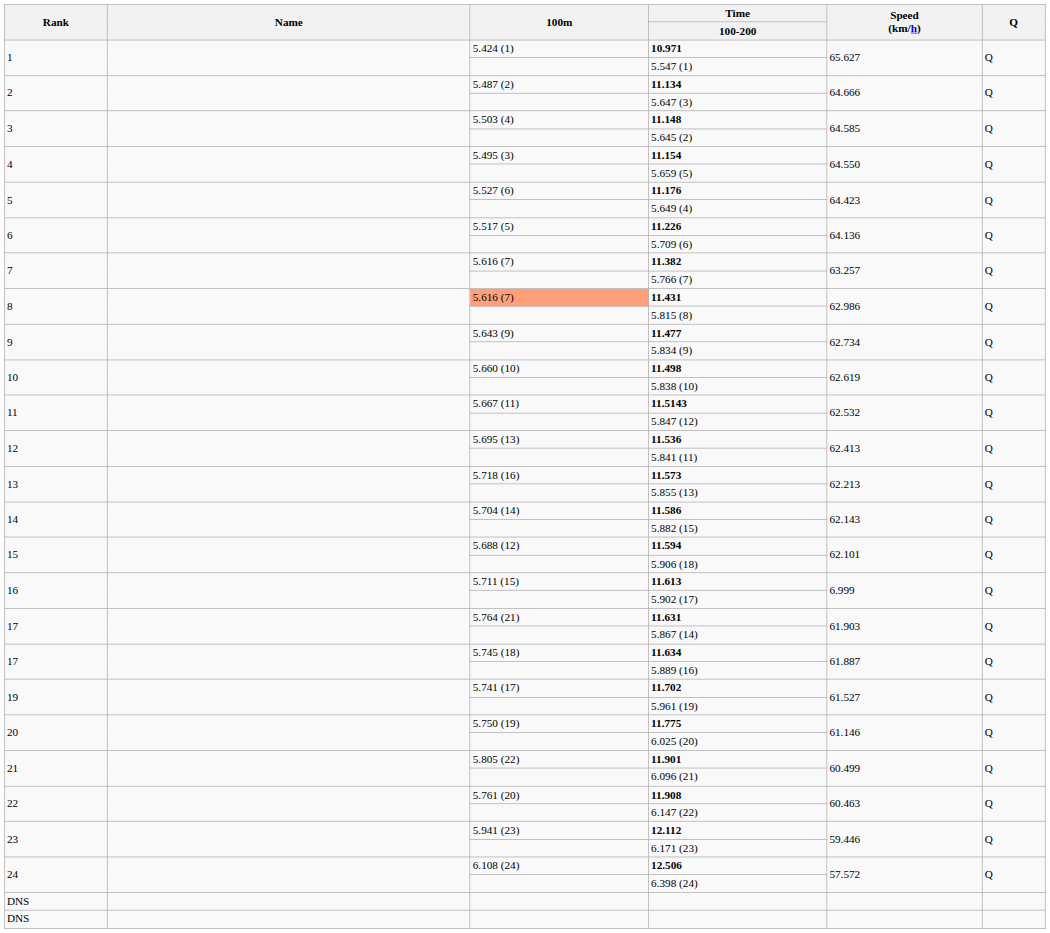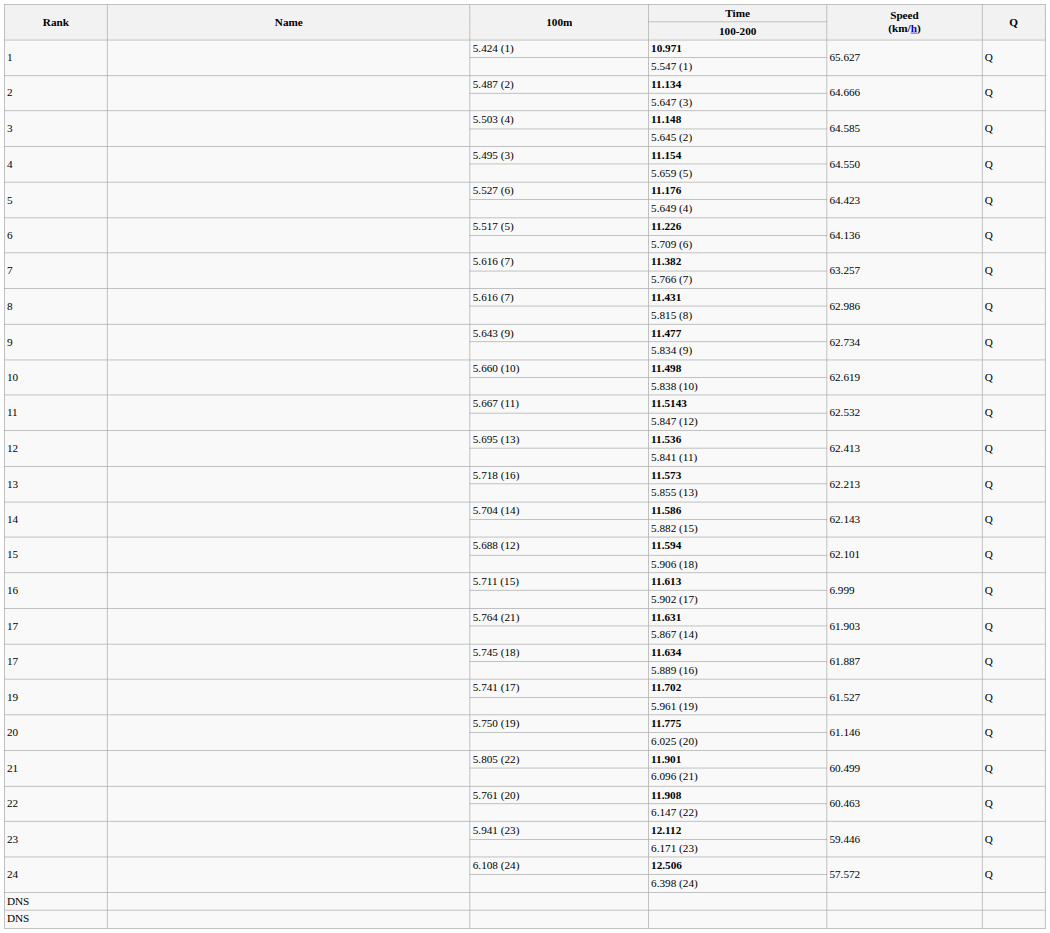 <table class="wikitable" width=75%>
 <tr>
 <th rowspan=2 width=20>Rank</th>
 <th rowspan=2 width=150>Name</th>
 <th rowspan=2 width=70>100m</th>
 <th width=70>Time</th>
 <th rowspan=2 width=60>Speed<br>(km/<a href='#'>h</a>)</th>
 <th width=20 rowspan=2>Q</th>
 </tr>
 <tr>
 <th>100-200</th>
 </tr>
 <tr>
 <td rowspan=2>1</td>
 <td rowspan=2></td>
 <td>5.424 (1)</td>
 <td><strong>10.971</strong></td>
 <td rowspan=2>65.627</td>
 <td rowspan=2>Q</td>
 </tr>
 <tr>
 <td></td>
 <td>5.547 (1)</td>
 </tr>
 <tr>
 <td rowspan=2>2</td>
 <td rowspan=2></td>
 <td>5.487 (2)</td>
 <td><strong>11.134</strong></td>
 <td rowspan=2>64.666</td>
 <td rowspan=2>Q</td>
 </tr>
 <tr>
 <td></td>
 <td>5.647 (3)</td>
 </tr>
 <tr>
 <td rowspan=2>3</td>
 <td rowspan=2></td>
 <td>5.503 (4)</td>
 <td><strong>11.148</strong></td>
 <td rowspan=2>64.585</td>
 <td rowspan=2>Q</td>
 </tr>
 <tr>
 <td></td>
 <td>5.645 (2)</td>
 </tr>
 <tr>
 <td rowspan=2>4</td>
 <td rowspan=2></td>
 <td>5.495 (3)</td>
 <td><strong>11.154</strong></td>
 <td rowspan=2>64.550</td>
 <td rowspan=2>Q</td>
 </tr>
 <tr>
 <td></td>
 <td>5.659 (5)</td>
 </tr>
 <tr>
 <td rowspan=2>5</td>
 <td rowspan=2></td>
 <td>5.527 (6)</td>
 <td><strong>11.176</strong></td>
 <td rowspan=2>64.423</td>
 <td rowspan=2>Q</td>
 </tr>
 <tr>
 <td></td>
 <td>5.649 (4)</td>
 </tr>
 <tr>
 <td rowspan=2>6</td>
 <td rowspan=2></td>
 <td>5.517 (5)</td>
 <td><strong>11.226</strong></td>
 <td rowspan=2>64.136</td>
 <td rowspan=2>Q</td>
 </tr>
 <tr>
 <td></td>
 <td>5.709 (6)</td>
 </tr>
 <tr>
 <td rowspan=2>7</td>
 <td rowspan=2></td>
 <td>5.616 (7)</td>
 <td><strong>11.382</strong></td>
 <td rowspan=2>63.257</td>
 <td rowspan=2>Q</td>
 </tr>
 <tr>
 <td></td>
 <td>5.766 (7)</td>
 </tr>
 <tr>
 <td rowspan=2>8</td>
 <td rowspan=2></td>
-<td style="background: lightsalmon;">5.616 (7)</td>
+<td>5.616 (7)</td>
 <td><strong>11.431</strong></td>
 <td rowspan=2>62.986</td>
 <td rowspan=2>Q</td>
 </tr>
 <tr>
 <td></td>
 <td>5.815 (8)</td>
 </tr>
 <tr>
 <td rowspan=2>9</td>
 <td rowspan=2></td>
 <td>5.643 (9)</td>
 <td><strong>11.477</strong></td>
 <td rowspan=2>62.734</td>
 <td rowspan=2>Q</td>
 </tr>
 <tr>
 <td></td>
 <td>5.834 (9)</td>
 </tr>
 <tr>
 <td rowspan=2>10</td>
 <td rowspan=2></td>
 <td>5.660 (10)</td>
 <td><strong>11.498</strong></td>
 <td rowspan=2>62.619</td>
 <td rowspan=2>Q</td>
 </tr>
 <tr>
 <td></td>
 <td>5.838 (10)</td>
 </tr>
 <tr>
 <td rowspan=2>11</td>
 <td rowspan=2></td>
 <td>5.667 (11)</td>
 <td><strong>11.5143</strong></td>
 <td rowspan=2>62.532</td>
 <td rowspan=2>Q</td>
 </tr>
 <tr>
 <td></td>
 <td>5.847 (12)</td>
 </tr>
 <tr>
 <td rowspan=2>12</td>
 <td rowspan=2></td>
 <td>5.695 (13)</td>
 <td><strong>11.536</strong></td>
 <td rowspan=2>62.413</td>
 <td rowspan=2>Q</td>
 </tr>
 <tr>
 <td></td>
 <td>5.841 (11)</td>
 </tr>
 <tr>
 <td rowspan=2>13</td>
 <td rowspan=2></td>
 <td>5.718 (16)</td>
 <td><strong>11.573</strong></td>
 <td rowspan=2>62.213</td>
 <td rowspan=2>Q</td>
 </tr>
 <tr>
 <td></td>
 <td>5.855 (13)</td>
 </tr>
 <tr>
 <td rowspan=2>14</td>
 <td rowspan=2></td>
 <td>5.704 (14)</td>
 <td><strong>11.586</strong></td>
 <td rowspan=2>62.143</td>
 <td rowspan=2>Q</td>
 </tr>
 <tr>
 <td></td>
 <td>5.882 (15)</td>
 </tr>
 <tr>
 <td rowspan=2>15</td>
 <td rowspan=2></td>
 <td>5.688 (12)</td>
 <td><strong>11.594</strong></td>
 <td rowspan=2>62.101</td>
 <td rowspan=2>Q</td>
 </tr>
 <tr>
 <td></td>
 <td>5.906 (18)</td>
 </tr>
 <tr>
 <td rowspan=2>16</td>
 <td rowspan=2></td>
 <td>5.711 (15)</td>
 <td><strong>11.613</strong></td>
 <td rowspan=2>6.999</td>
 <td rowspan=2>Q</td>
 </tr>
 <tr>
 <td></td>
 <td>5.902 (17)</td>
 </tr>
 <tr>
 <td rowspan=2>17</td>
 <td rowspan=2></td>
 <td>5.764 (21)</td>
 <td><strong>11.631</strong></td>
 <td rowspan=2>61.903</td>
 <td rowspan=2>Q</td>
 </tr>
 <tr>
 <td></td>
 <td>5.867 (14)</td>
 </tr>
 <tr>
 <td rowspan=2>17</td>
 <td rowspan=2></td>
 <td>5.745 (18)</td>
 <td><strong>11.634</strong></td>
 <td rowspan=2>61.887</td>
 <td rowspan=2>Q</td>
 </tr>
 <tr>
 <td></td>
 <td>5.889 (16)</td>
 </tr>
 <tr>
 <td rowspan=2>19</td>
 <td rowspan=2></td>
 <td>5.741 (17)</td>
 <td><strong>11.702</strong></td>
 <td rowspan=2>61.527</td>
 <td rowspan=2>Q</td>
 </tr>
 <tr>
 <td></td>
 <td>5.961 (19)</td>
 </tr>
 <tr>
 <td rowspan=2>20</td>
 <td rowspan=2></td>
 <td>5.750 (19)</td>
 <td><strong>11.775</strong></td>
 <td rowspan=2>61.146</td>
 <td rowspan=2>Q</td>
 </tr>
 <tr>
 <td></td>
 <td>6.025 (20)</td>
 </tr>
 <tr>
 <td rowspan=2>21</td>
 <td rowspan=2></td>
 <td>5.805 (22)</td>
 <td><strong>11.901</strong></td>
 <td rowspan=2>60.499</td>
 <td rowspan=2>Q</td>
 </tr>
 <tr>
 <td></td>
 <td>6.096 (21)</td>
 </tr>
 <tr>
 <td rowspan=2>22</td>
 <td rowspan=2></td>
 <td>5.761 (20)</td>
 <td><strong>11.908</strong></td>
 <td rowspan=2>60.463</td>
 <td rowspan=2>Q</td>
 </tr>
 <tr>
 <td></td>
 <td>6.147 (22)</td>
 </tr>
 <tr>
 <td rowspan=2>23</td>
 <td rowspan=2></td>
 <td>5.941 (23)</td>
 <td><strong>12.112</strong></td>
 <td rowspan=2>59.446</td>
 <td rowspan=2>Q</td>
 </tr>
 <tr>
 <td></td>
 <td>6.171 (23)</td>
 </tr>
 <tr>
 <td rowspan=2>24</td>
 <td rowspan=2></td>
 <td>6.108 (24)</td>
 <td><strong>12.506</strong></td>
 <td rowspan=2>57.572</td>
 <td rowspan=2>Q</td>
 </tr>
 <tr>
 <td></td>
 <td>6.398 (24)</td>
 </tr>
 <tr>
 <td>DNS</td>
 <td></td>
 <td></td>
 <td></td>
 <td></td>
 <td></td>
 </tr>
 <tr>
 <td>DNS</td>
 <td></td>
 <td></td>
 <td></td>
 <td></td>
 <td></td>
 </tr>
 </table>
